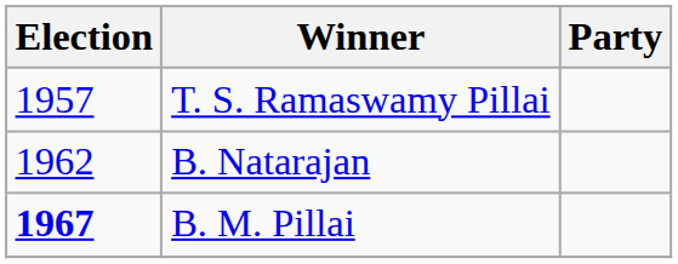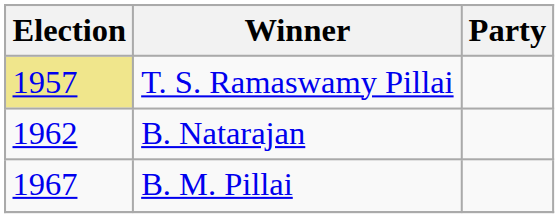 <table class="wikitable sortable">
 <tr>
 <th>Election</th>
 <th>Winner</th>
 <th colspan=2>Party</th>
 </tr>
 <tr>
-<td><a href='#'>1957</a></td>
+<td style="background: khaki;"><a href='#'>1957</a></td>
 <td><a href='#'>T. S. Ramaswamy Pillai</a></td>
 <td></td>
 </tr>
 <tr>
 <td><a href='#'>1962</a></td>
 <td><a href='#'>B. Natarajan</a></td>
 <td></td>
 </tr>
 <tr>
-<td><strong><a href='#'>1967</a></strong></td>
+<td><a href='#'>1967</a></td>
 <td><a href='#'>B. M. Pillai</a></td>
 <td></td>
 </tr>
 <tr>
 </tr>
 </table>
